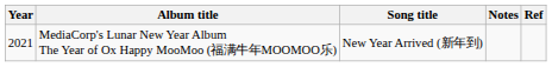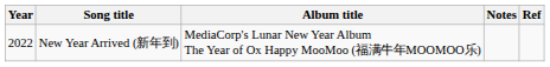 <table class="wikitable sortable">
 <tr>
 <th>Year</th>
+<th>Song title</th>
 <th>Album title</th>
-<th>Song title</th>
 <th class="unsortable">Notes</th>
 <th class="unsortable">Ref</th>
 </tr>
 <tr>
-<td>2021</td>
+<td>2022</td>
+<td>New Year Arrived (新年到)</td>
 <td>MediaCorp's Lunar New Year Album<br>The Year of Ox Happy MooMoo (福满牛年MOOMOO乐)</td>
-<td>New Year Arrived (新年到)</td>
 <td></td>
 <td></td>
 </tr>
 </table>
